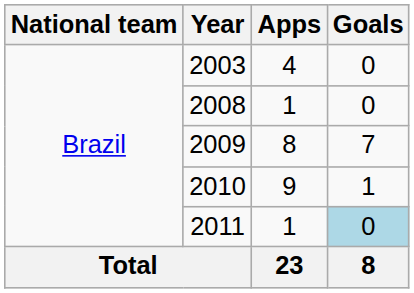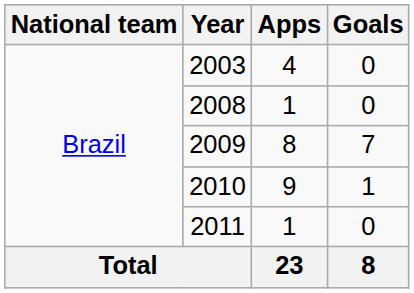 <table class="wikitable" style="text-align:center">
 <tr>
 <th>National team</th>
 <th>Year</th>
 <th>Apps</th>
 <th>Goals</th>
 </tr>
 <tr>
 <td rowspan="5"><a href='#'>Brazil</a></td>
 <td>2003</td>
 <td>4</td>
 <td>0</td>
 </tr>
 <tr>
 <td>2008</td>
 <td>1</td>
 <td>0</td>
 </tr>
 <tr>
 <td>2009</td>
 <td>8</td>
 <td>7</td>
 </tr>
 <tr>
 <td>2010</td>
 <td>9</td>
 <td>1</td>
 </tr>
 <tr>
 <td>2011</td>
 <td>1</td>
-<td style="background: lightblue;">0</td>
+<td>0</td>
 </tr>
 <tr>
 <th colspan="2">Total</th>
 <th>23</th>
 <th>8</th>
 </tr>
 </table>
